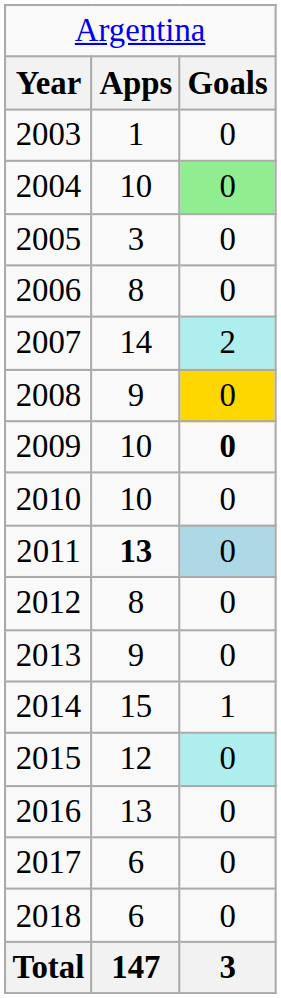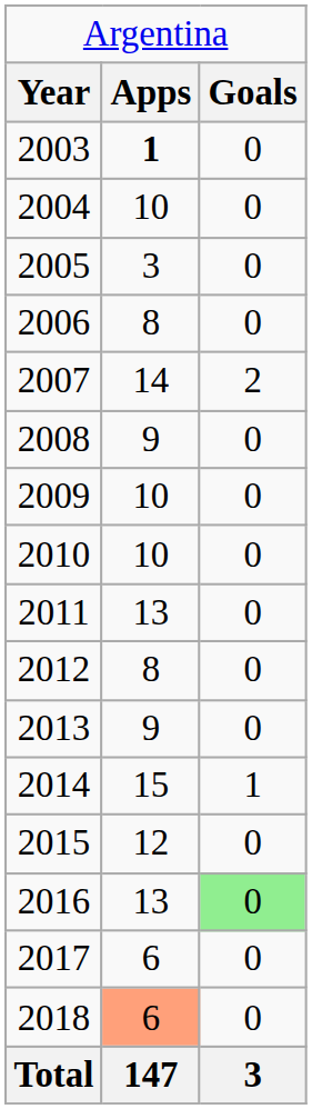 <table class="wikitable" style="text-align:center">
 <tr>
 <td colspan=3><a href='#'>Argentina</a></td>
 </tr>
 <tr>
 <th>Year</th>
 <th>Apps</th>
 <th>Goals</th>
 </tr>
 <tr>
 <td>2003</td>
-<td>1</td>
+<td><strong>1</strong></td>
 <td>0</td>
 </tr>
 <tr>
 <td>2004</td>
 <td>10</td>
-<td style="background: lightgreen;">0</td>
+<td>0</td>
 </tr>
 <tr>
 <td>2005</td>
 <td>3</td>
 <td>0</td>
 </tr>
 <tr>
 <td>2006</td>
 <td>8</td>
 <td>0</td>
 </tr>
 <tr>
 <td>2007</td>
 <td>14</td>
-<td style="background: paleturquoise;">2</td>
+<td>2</td>
 </tr>
 <tr>
 <td>2008</td>
 <td>9</td>
-<td style="background: gold;">0</td>
+<td>0</td>
 </tr>
 <tr>
 <td>2009</td>
 <td>10</td>
-<td><strong>0</strong></td>
+<td>0</td>
 </tr>
 <tr>
 <td>2010</td>
 <td>10</td>
 <td>0</td>
 </tr>
 <tr>
 <td>2011</td>
-<td><strong>13</strong></td>
-<td style="background: lightblue;">0</td>
+<td>13</td>
+<td>0</td>
 </tr>
 <tr>
 <td>2012</td>
 <td>8</td>
 <td>0</td>
 </tr>
 <tr>
 <td>2013</td>
 <td>9</td>
 <td>0</td>
 </tr>
 <tr>
 <td>2014</td>
 <td>15</td>
 <td>1</td>
 </tr>
 <tr>
 <td>2015</td>
 <td>12</td>
-<td style="background: paleturquoise;">0</td>
+<td>0</td>
 </tr>
 <tr>
 <td>2016</td>
 <td>13</td>
-<td>0</td>
+<td style="background: lightgreen;">0</td>
 </tr>
 <tr>
 <td>2017</td>
 <td>6</td>
 <td>0</td>
 </tr>
 <tr>
 <td>2018</td>
-<td>6</td>
+<td style="background: lightsalmon;">6</td>
 <td>0</td>
 </tr>
 <tr>
 <th>Total</th>
 <th>147</th>
 <th>3</th>
 </tr>
 </table>
